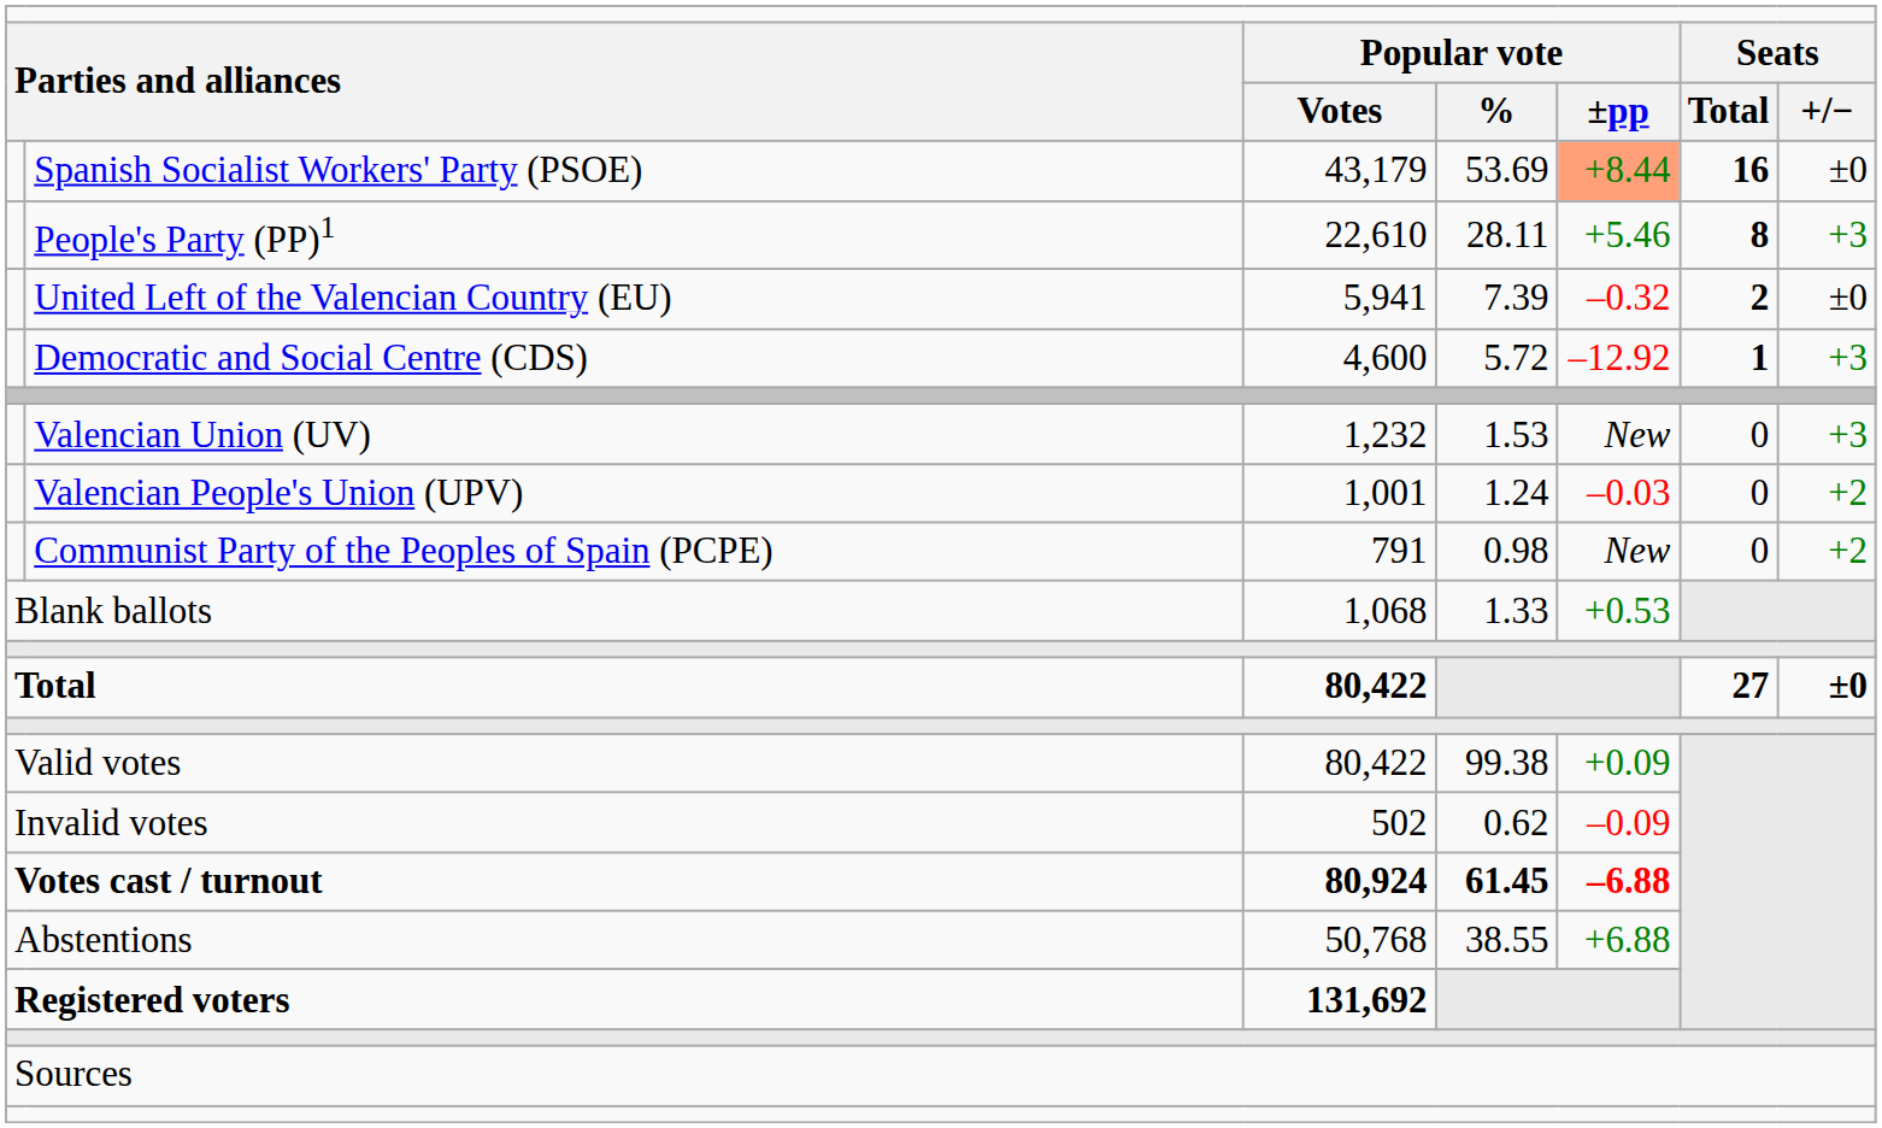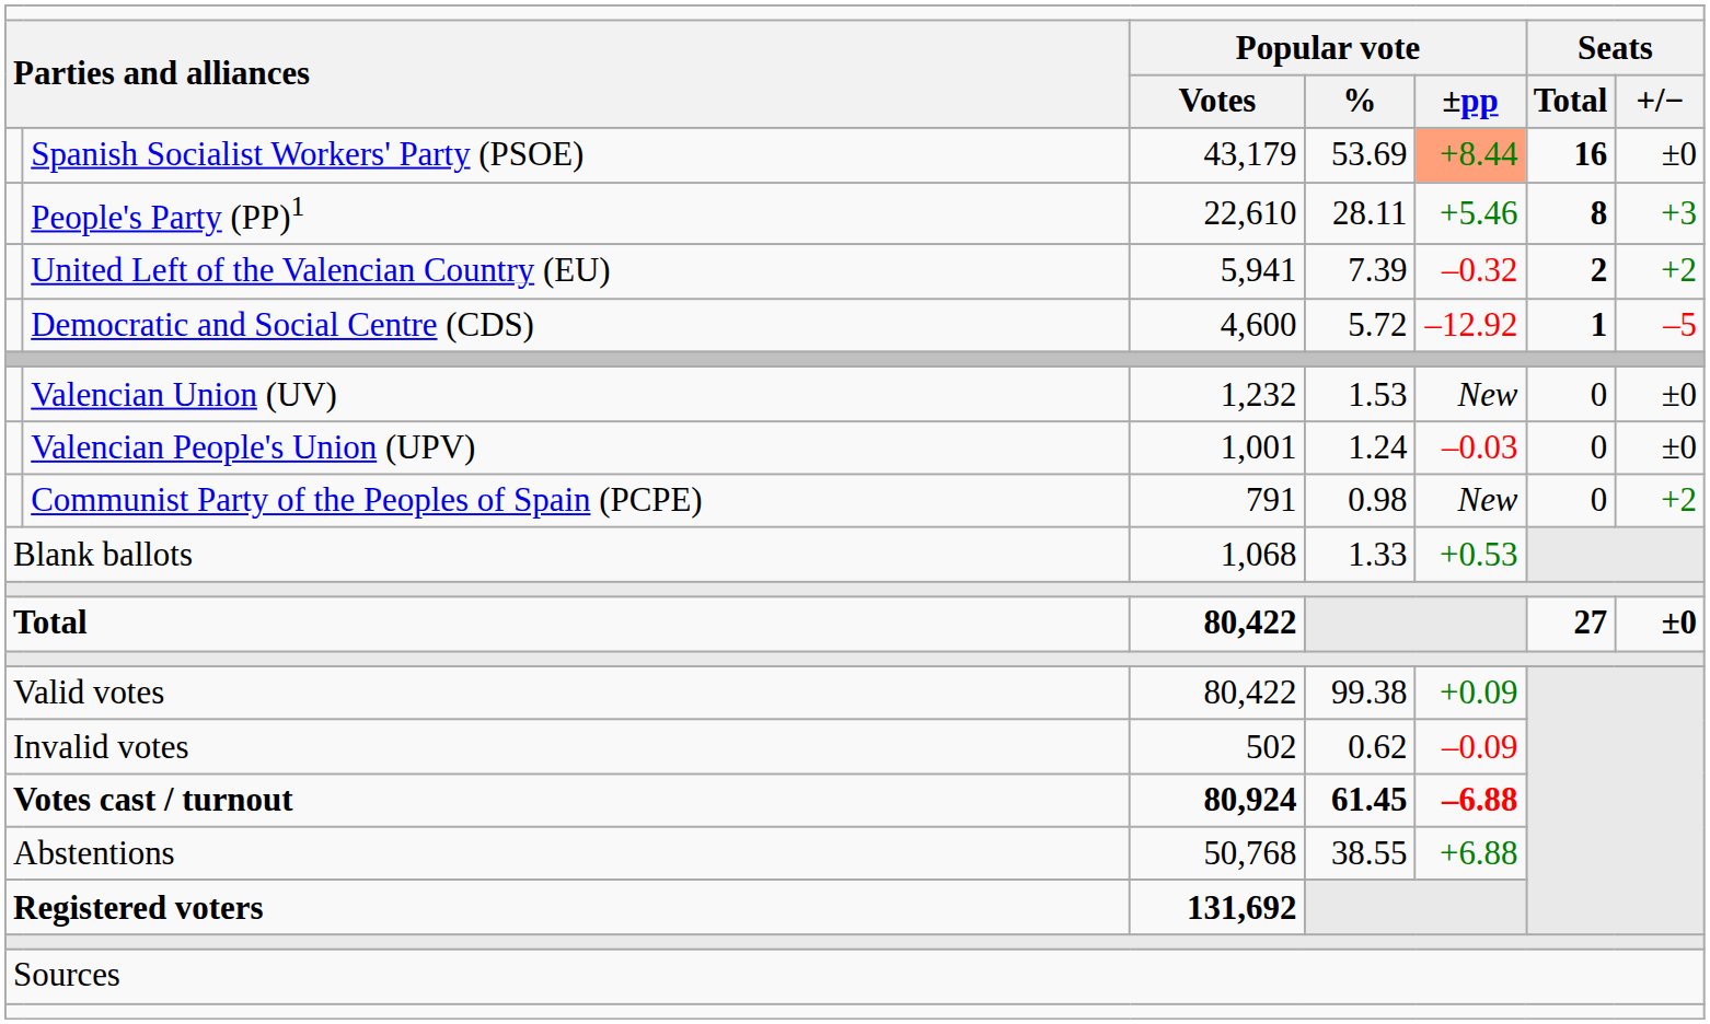 <table class="wikitable" style="text-align:right;">
 <tr>
 <td colspan="7"></td>
 </tr>
 <tr>
 <th style="text-align:left;" rowspan="2" colspan="2" width="525">Parties and alliances</th>
 <th colspan="3">Popular vote</th>
 <th colspan="2">Seats</th>
 </tr>
 <tr>
 <th width="75">Votes</th>
 <th width="45">%</th>
 <th width="45">±<a href='#'>pp</a></th>
 <th width="35">Total</th>
 <th width="35">+/−</th>
 </tr>
 <tr>
 <td width="1" style="color:inherit;background:"></td>
 <td align="left"><a href='#'>Spanish Socialist Workers' Party</a> (PSOE)</td>
 <td>43,179</td>
 <td>53.69</td>
 <td style="background: lightsalmon; color:green;">+8.44</td>
 <td><strong>16</strong></td>
 <td>±0</td>
 </tr>
 <tr>
 <td style="color:inherit;background:"></td>
 <td align="left"><a href='#'>People's Party</a> (PP)<sup>1</sup></td>
 <td>22,610</td>
 <td>28.11</td>
 <td style="color:green;">+5.46</td>
 <td><strong>8</strong></td>
 <td style="color:green;">+3</td>
 </tr>
 <tr>
 <td style="color:inherit;background:"></td>
 <td align="left"><a href='#'>United Left of the Valencian Country</a> (EU)</td>
 <td>5,941</td>
 <td>7.39</td>
 <td style="color:red;">–0.32</td>
 <td><strong>2</strong></td>
-<td>±0</td>
+<td style="color:green;">+2</td>
 </tr>
 <tr>
 <td style="color:inherit;background:"></td>
 <td align="left"><a href='#'>Democratic and Social Centre</a> (CDS)</td>
 <td>4,600</td>
 <td>5.72</td>
 <td style="color:red;">–12.92</td>
 <td><strong>1</strong></td>
-<td style="color:green;">+3</td>
+<td style="color:red;">–5</td>
 </tr>
 <tr>
 <td colspan="7" bgcolor="#C0C0C0"></td>
 </tr>
 <tr>
 <td style="color:inherit;background:"></td>
 <td align="left"><a href='#'>Valencian Union</a> (UV)</td>
 <td>1,232</td>
 <td>1.53</td>
 <td><em>New</em></td>
 <td>0</td>
-<td style="color:green;">+3</td>
+<td>±0</td>
 </tr>
 <tr>
 <td style="color:inherit;background:"></td>
 <td align="left"><a href='#'>Valencian People's Union</a> (UPV)</td>
 <td>1,001</td>
 <td>1.24</td>
 <td style="color:red;">–0.03</td>
 <td>0</td>
-<td style="color:green;">+2</td>
+<td>±0</td>
 </tr>
 <tr>
 <td style="color:inherit;background:"></td>
 <td align="left"><a href='#'>Communist Party of the Peoples of Spain</a> (PCPE)</td>
 <td>791</td>
 <td>0.98</td>
 <td><em>New</em></td>
 <td>0</td>
 <td style="color:green;">+2</td>
 </tr>
 <tr>
 <td align="left" colspan="2">Blank ballots</td>
 <td>1,068</td>
 <td>1.33</td>
 <td style="color:green;">+0.53</td>
 <td bgcolor="#E9E9E9" colspan="2"></td>
 </tr>
 <tr>
 <td colspan="7" bgcolor="#E9E9E9"></td>
 </tr>
 <tr style="font-weight:bold;">
 <td align="left" colspan="2">Total</td>
 <td>80,422</td>
 <td bgcolor="#E9E9E9" colspan="2"></td>
 <td>27</td>
 <td>±0</td>
 </tr>
 <tr>
 <td colspan="7" bgcolor="#E9E9E9"></td>
 </tr>
 <tr>
 <td align="left" colspan="2">Valid votes</td>
 <td>80,422</td>
 <td>99.38</td>
 <td style="color:green;">+0.09</td>
 <td bgcolor="#E9E9E9" colspan="2" rowspan="5"></td>
 </tr>
 <tr>
 <td align="left" colspan="2">Invalid votes</td>
 <td>502</td>
 <td>0.62</td>
 <td style="color:red;">–0.09</td>
 </tr>
 <tr style="font-weight:bold;">
 <td align="left" colspan="2">Votes cast / turnout</td>
 <td>80,924</td>
 <td>61.45</td>
 <td style="color:red;">–6.88</td>
 </tr>
 <tr>
 <td align="left" colspan="2">Abstentions</td>
 <td>50,768</td>
 <td>38.55</td>
 <td style="color:green;">+6.88</td>
 </tr>
 <tr style="font-weight:bold;">
 <td align="left" colspan="2">Registered voters</td>
 <td>131,692</td>
 <td bgcolor="#E9E9E9" colspan="2"></td>
 </tr>
 <tr>
 <td colspan="7" bgcolor="#E9E9E9"></td>
 </tr>
 <tr>
 <td align="left" colspan="7">Sources</td>
 </tr>
 <tr>
 <td colspan="7" style="text-align:left; max-width:790px;"></td>
 </tr>
 </table>
